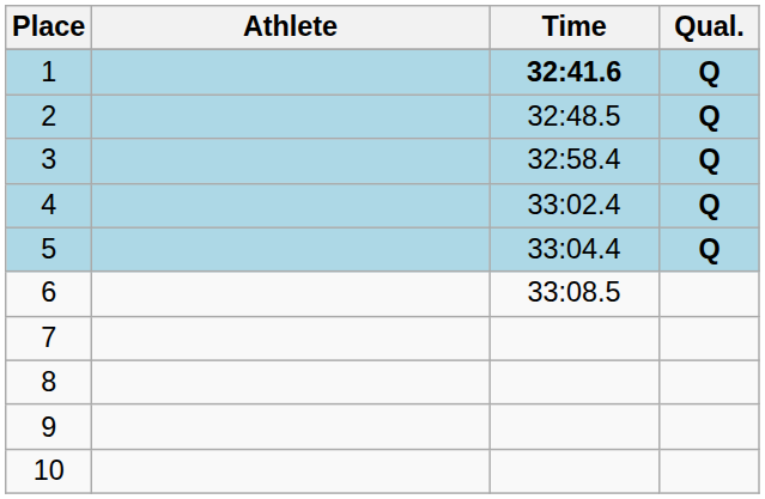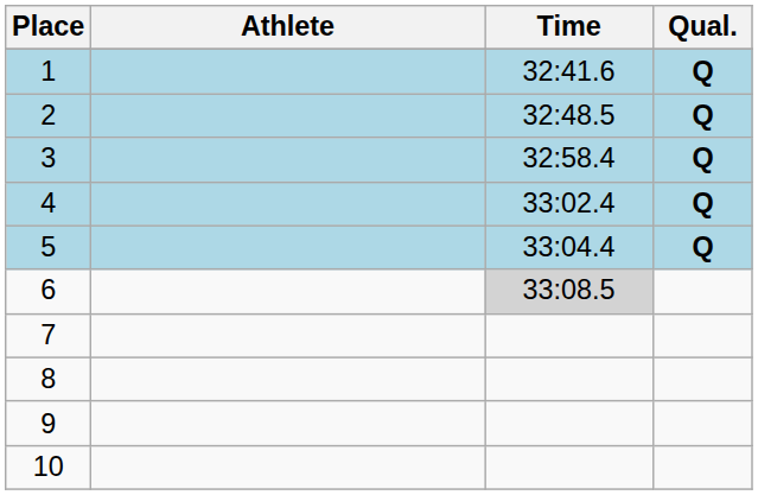 <table class=wikitable style="text-align:center">
 <tr>
 <th width=20>Place</th>
 <th width=220>Athlete</th>
 <th width=90>Time</th>
 <th width=50>Qual.</th>
 </tr>
 <tr>
 </tr>
 <tr bgcolor=lightblue>
 <td>1</td>
 <td align=left></td>
-<td><strong>32:41.6</strong></td>
+<td>32:41.6</td>
 <td><strong>Q</strong></td>
 </tr>
 <tr bgcolor=lightblue>
 <td>2</td>
 <td align=left></td>
 <td>32:48.5</td>
 <td><strong>Q</strong></td>
 </tr>
 <tr bgcolor=lightblue>
 <td>3</td>
 <td align=left></td>
 <td>32:58.4</td>
 <td><strong>Q</strong></td>
 </tr>
 <tr bgcolor=lightblue>
 <td>4</td>
 <td align=left></td>
 <td>33:02.4</td>
 <td><strong>Q</strong></td>
 </tr>
 <tr bgcolor=lightblue>
 <td>5</td>
 <td align=left></td>
 <td>33:04.4</td>
 <td><strong>Q</strong></td>
 </tr>
 <tr>
 <td>6</td>
 <td align=left></td>
-<td>33:08.5</td>
+<td style="background: lightgrey;">33:08.5</td>
 <td></td>
 </tr>
 <tr>
 <td>7</td>
 <td align=left></td>
 <td></td>
 <td></td>
 </tr>
 <tr>
 <td>8</td>
 <td align=left></td>
 <td></td>
 <td></td>
 </tr>
 <tr>
 <td>9</td>
 <td align=left></td>
 <td></td>
 <td></td>
 </tr>
 <tr>
 <td>10</td>
 <td align=left></td>
 <td></td>
 <td></td>
 </tr>
 </table>
